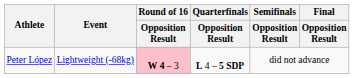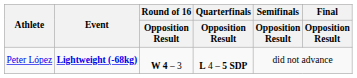 <table class="wikitable" style="font-size:90%">
 <tr>
 <th rowspan="2">Athlete</th>
 <th rowspan="2">Event</th>
 <th>Round of 16</th>
 <th>Quarterfinals</th>
 <th>Semifinals</th>
 <th>Final</th>
 </tr>
 <tr>
 <th>Opposition<br>Result</th>
 <th>Opposition<br>Result</th>
 <th>Opposition<br>Result</th>
 <th>Opposition<br>Result</th>
 </tr>
 <tr>
 <td><a href='#'>Peter López</a></td>
-<td><a href='#'>Lightweight (-68kg)</a></td>
-<td align=center style="background: pink;"><br><strong>W</strong> <strong>4</strong> – 3</td>
+<td><strong><a href='#'>Lightweight (-68kg)</a></strong></td>
+<td align=center><br><strong>W</strong> <strong>4</strong> – 3</td>
 <td align=center><br><strong>L</strong> 4 – <strong>5</strong> <strong>SDP</strong></td>
 <td align=center colspan=3>did not advance</td>
 </tr>
 </table>
